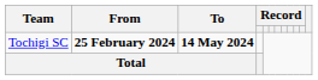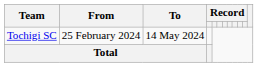 <table class=wikitable style=text-align:center>
 <tr>
 <th rowspan=2>Team</th>
 <th rowspan=2>From</th>
 <th rowspan=2>To</th>
 <th colspan=8>Record</th>
 <th rowspan=2></th>
 </tr>
 <tr>
 <th></th>
 <th></th>
 <th></th>
 <th></th>
 <th></th>
 <th></th>
 <th></th>
 <th></th>
 </tr>
 <tr>
 <td align=left><a href='#'>Tochigi SC</a></td>
-<td align=left><strong>25 February 2024</strong></td>
-<td align=left><strong>14 May 2024<br></strong></td>
+<td align=left>25 February 2024</td>
+<td align=left>14 May 2024<br></td>
 <td></td>
 </tr>
 <tr>
 <th colspan=3>Total<br></th>
 <th></th>
 </tr>
 </table>
